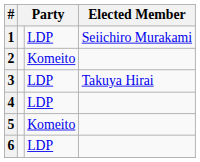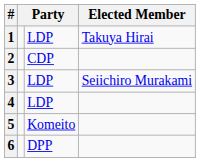 <table class="wikitable">
 <tr>
 <th>#</th>
 <th colspan=2>Party</th>
 <th>Elected Member</th>
 </tr>
 <tr>
 <th>1</th>
 <td style="background:"></td>
 <td><a href='#'>LDP</a></td>
-<td><a href='#'>Seiichiro Murakami</a></td>
+<td><a href='#'>Takuya Hirai</a></td>
 </tr>
 <tr>
 <th>2</th>
 <td style="background:"></td>
-<td><a href='#'>Komeito</a></td>
+<td><a href='#'>CDP</a></td>
 <td></td>
 </tr>
 <tr>
 <th>3</th>
 <td style="background:"></td>
 <td><a href='#'>LDP</a></td>
-<td><a href='#'>Takuya Hirai</a></td>
+<td><a href='#'>Seiichiro Murakami</a></td>
 </tr>
 <tr>
 <th>4</th>
 <td style="background:"></td>
 <td><a href='#'>LDP</a></td>
 <td></td>
 </tr>
 <tr>
 <th>5</th>
 <td style="background:"></td>
 <td><a href='#'>Komeito</a></td>
 <td></td>
 </tr>
 <tr>
 <th>6</th>
 <td style="background:"></td>
-<td><a href='#'>LDP</a></td>
+<td><a href='#'>DPP</a></td>
 <td></td>
 </tr>
 </table>
